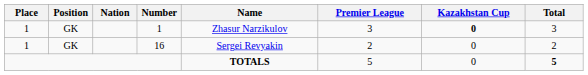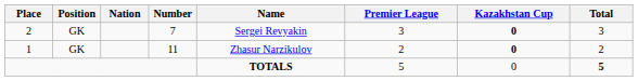 <table class="wikitable" style="font-size: 95%; text-align: center;">
 <tr>
 <th width=60>Place</th>
 <th width=60>Position</th>
 <th width=60>Nation</th>
 <th width=60>Number</th>
 <th width=200>Name</th>
 <th width=150><a href='#'>Premier League</a></th>
 <th width=150><a href='#'>Kazakhstan Cup</a></th>
 <th width=80>Total</th>
 </tr>
 <tr>
-<td>1</td>
+<td>2</td>
 <td>GK</td>
 <td></td>
-<td>1</td>
-<td><a href='#'>Zhasur Narzikulov</a></td>
+<td>7</td>
+<td><a href='#'>Sergei Revyakin</a></td>
 <td>3</td>
 <td><strong>0</strong></td>
 <td>3</td>
 </tr>
 <tr>
 <td>1</td>
 <td>GK</td>
 <td></td>
-<td>16</td>
-<td><a href='#'>Sergei Revyakin</a></td>
+<td>11</td>
+<td><a href='#'>Zhasur Narzikulov</a></td>
 <td>2</td>
-<td>0</td>
+<td><strong>0</strong></td>
 <td>2</td>
 </tr>
 <tr>
 <td colspan="4"></td>
 <td><strong>TOTALS</strong></td>
 <td>5</td>
 <td>0</td>
 <td><strong>5</strong></td>
 </tr>
 </table>
